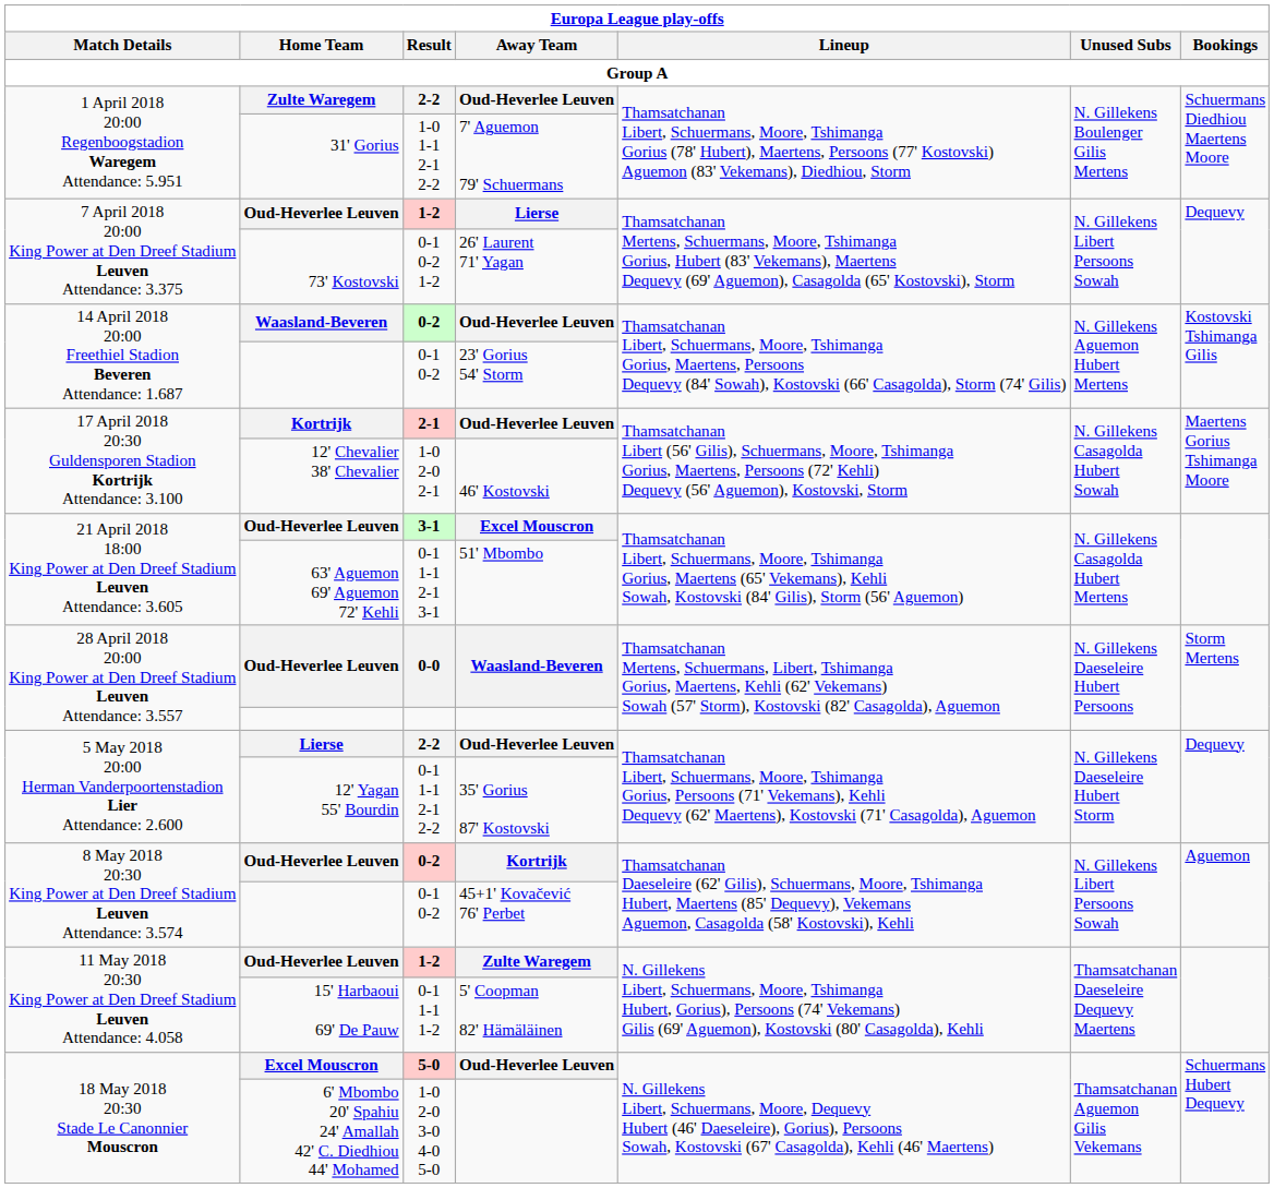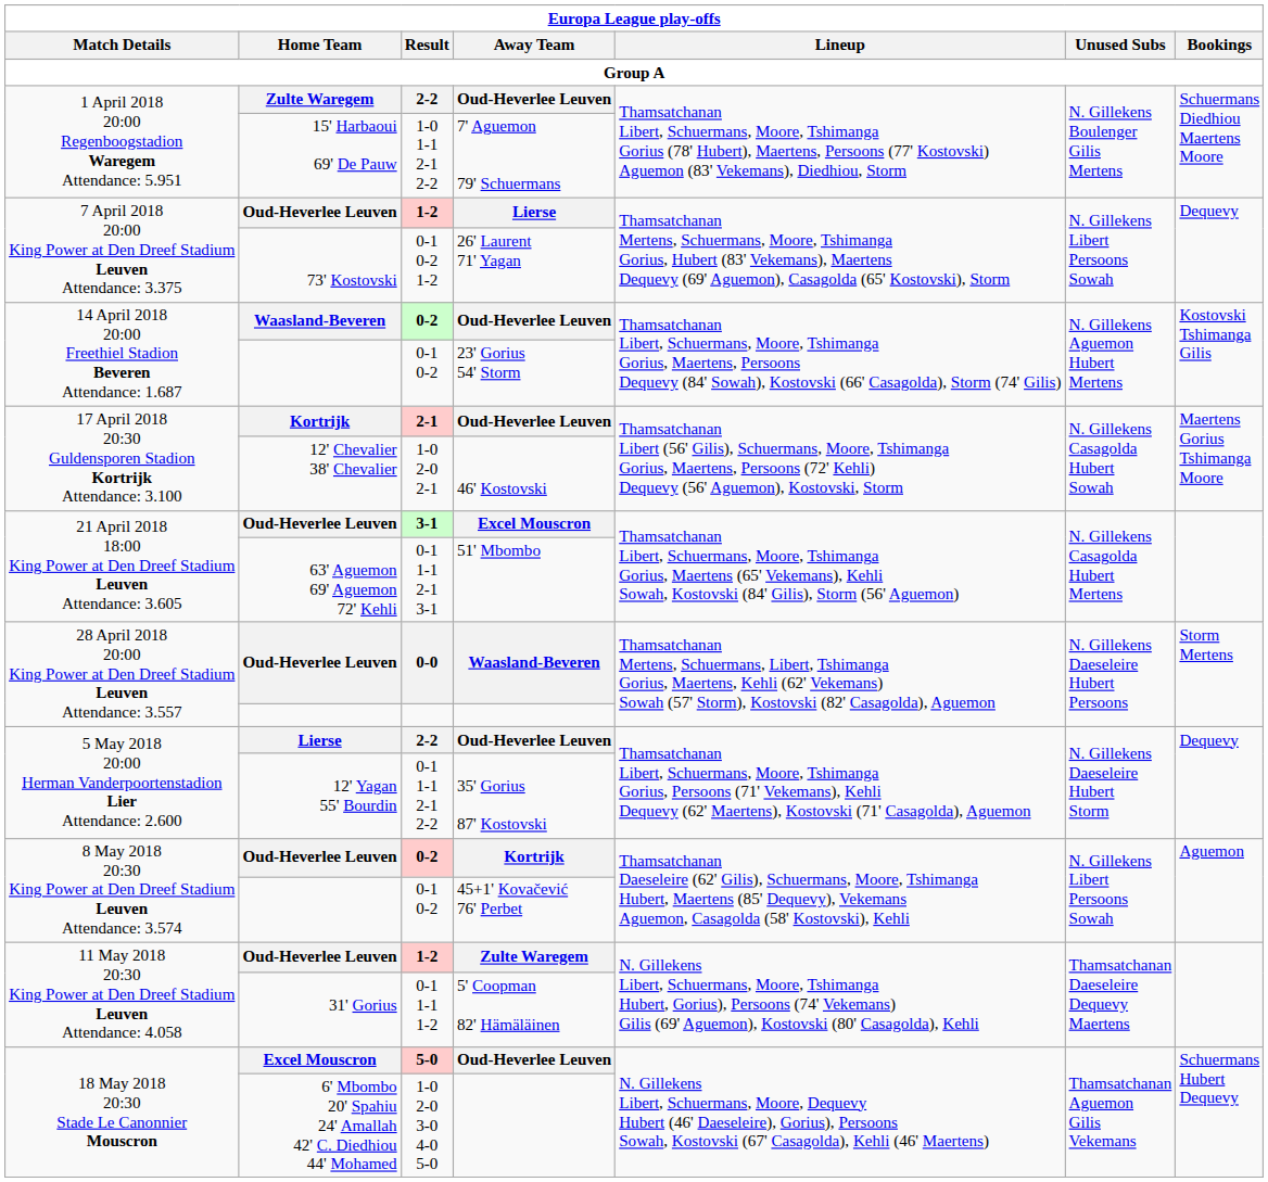 <table class="wikitable" style="font-size:85%">
 <tr>
 <td colspan="7" align="center" style="background:white;"><strong><a href='#'>Europa League play-offs</a></strong></td>
 </tr>
 <tr>
 <th>Match Details</th>
 <th>Home Team</th>
 <th>Result</th>
 <th>Away Team</th>
 <th>Lineup</th>
 <th>Unused Subs</th>
 <th>Bookings</th>
 </tr>
 <tr>
 <td style="background:white;" align="center" colspan="7"><strong>Group A</strong></td>
 </tr>
 <tr>
 <td rowspan="2" align="center">1 April 2018<br>20:00<br><a href='#'>Regenboogstadion</a><br><strong>Waregem</strong><br>Attendance: 5.951</td>
 <th><a href='#'>Zulte Waregem</a></th>
 <th>2-2</th>
 <th><strong>Oud-Heverlee Leuven</strong></th>
 <td rowspan="2"><a href='#'>Thamsatchanan</a><br><a href='#'>Libert</a>, <a href='#'>Schuermans</a>, <a href='#'>Moore</a>, <a href='#'>Tshimanga</a><br><a href='#'>Gorius</a> (78' <a href='#'>Hubert</a>), <a href='#'>Maertens</a>, <a href='#'>Persoons</a> (77' <a href='#'>Kostovski</a>)<br><a href='#'>Aguemon</a> (83' <a href='#'>Vekemans</a>), <a href='#'>Diedhiou</a>, <a href='#'>Storm</a></td>
 <td rowspan="2"><a href='#'>N. Gillekens</a><br><a href='#'>Boulenger</a><br><a href='#'>Gilis</a><br><a href='#'>Mertens</a></td>
 <td rowspan="2" valign="top"> <a href='#'>Schuermans</a><br> <a href='#'>Diedhiou</a><br> <a href='#'>Maertens</a><br> <a href='#'>Moore</a></td>
 </tr>
 <tr valign="top">
-<td align="right"><br>31' <a href='#'>Gorius</a></td>
+<td align="right">15' <a href='#'>Harbaoui</a><br><br>69' <a href='#'>De Pauw</a></td>
 <td align="center">1-0<br>1-1<br>2-1<br>2-2</td>
 <td>7' <a href='#'>Aguemon</a><br><br><br>79' <a href='#'>Schuermans</a></td>
 </tr>
 <tr>
 <td rowspan="2" align="center">7 April 2018<br>20:00<br><a href='#'>King Power at Den Dreef Stadium</a><br><strong>Leuven</strong><br>Attendance: 3.375</td>
 <th><strong>Oud-Heverlee Leuven</strong></th>
 <th style="background: #FFCCCC;">1-2</th>
 <th><a href='#'>Lierse</a></th>
 <td rowspan="2"><a href='#'>Thamsatchanan</a><br><a href='#'>Mertens</a>, <a href='#'>Schuermans</a>, <a href='#'>Moore</a>, <a href='#'>Tshimanga</a><br><a href='#'>Gorius</a>, <a href='#'>Hubert</a> (83' <a href='#'>Vekemans</a>), <a href='#'>Maertens</a><br><a href='#'>Dequevy</a> (69' <a href='#'>Aguemon</a>), <a href='#'>Casagolda</a> (65' <a href='#'>Kostovski</a>), <a href='#'>Storm</a></td>
 <td rowspan="2"><a href='#'>N. Gillekens</a><br><a href='#'>Libert</a><br><a href='#'>Persoons</a><br><a href='#'>Sowah</a></td>
 <td rowspan="2" valign="top"> <a href='#'>Dequevy</a></td>
 </tr>
 <tr valign="top">
 <td align="right"><br><br>73' <a href='#'>Kostovski</a></td>
 <td align="center">0-1<br>0-2<br>1-2</td>
 <td>26' <a href='#'>Laurent</a><br>71' <a href='#'>Yagan</a></td>
 </tr>
 <tr>
 <td rowspan="2" align="center">14 April 2018<br>20:00<br><a href='#'>Freethiel Stadion</a><br><strong>Beveren</strong><br>Attendance: 1.687</td>
 <th><a href='#'>Waasland-Beveren</a></th>
 <th style="background: #CCFFCC;">0-2</th>
 <th><strong>Oud-Heverlee Leuven</strong></th>
 <td rowspan="2"><a href='#'>Thamsatchanan</a><br><a href='#'>Libert</a>, <a href='#'>Schuermans</a>, <a href='#'>Moore</a>, <a href='#'>Tshimanga</a><br><a href='#'>Gorius</a>, <a href='#'>Maertens</a>, <a href='#'>Persoons</a><br><a href='#'>Dequevy</a> (84' <a href='#'>Sowah</a>), <a href='#'>Kostovski</a> (66' <a href='#'>Casagolda</a>), <a href='#'>Storm</a> (74' <a href='#'>Gilis</a>)</td>
 <td rowspan="2"><a href='#'>N. Gillekens</a><br><a href='#'>Aguemon</a><br><a href='#'>Hubert</a><br><a href='#'>Mertens</a></td>
 <td rowspan="2" valign="top"> <a href='#'>Kostovski</a><br> <a href='#'>Tshimanga</a><br> <a href='#'>Gilis</a></td>
 </tr>
 <tr valign="top">
 <td align="right"></td>
 <td align="center">0-1<br>0-2</td>
 <td>23' <a href='#'>Gorius</a><br>54' <a href='#'>Storm</a></td>
 </tr>
 <tr>
 <td rowspan="2" align="center">17 April 2018<br>20:30<br><a href='#'>Guldensporen Stadion</a><br><strong>Kortrijk</strong><br>Attendance: 3.100</td>
 <th><a href='#'>Kortrijk</a></th>
 <th style="background: #FFCCCC;">2-1</th>
 <th><strong>Oud-Heverlee Leuven</strong></th>
 <td rowspan="2"><a href='#'>Thamsatchanan</a><br><a href='#'>Libert</a> (56' <a href='#'>Gilis</a>), <a href='#'>Schuermans</a>, <a href='#'>Moore</a>, <a href='#'>Tshimanga</a><br><a href='#'>Gorius</a>, <a href='#'>Maertens</a>, <a href='#'>Persoons</a> (72' <a href='#'>Kehli</a>)<br><a href='#'>Dequevy</a> (56' <a href='#'>Aguemon</a>), <a href='#'>Kostovski</a>, <a href='#'>Storm</a></td>
 <td rowspan="2"><a href='#'>N. Gillekens</a><br><a href='#'>Casagolda</a><br><a href='#'>Hubert</a><br><a href='#'>Sowah</a></td>
 <td rowspan="2" valign="top"> <a href='#'>Maertens</a><br> <a href='#'>Gorius</a><br> <a href='#'>Tshimanga</a><br> <a href='#'>Moore</a></td>
 </tr>
 <tr valign="top">
 <td align="right">12'  <a href='#'>Chevalier</a><br>38'  <a href='#'>Chevalier</a></td>
 <td align="center">1-0<br>2-0<br>2-1</td>
 <td><br><br>46' <a href='#'>Kostovski</a></td>
 </tr>
 <tr>
 <td rowspan="2" align="center">21 April 2018<br>18:00<br><a href='#'>King Power at Den Dreef Stadium</a><br><strong>Leuven</strong><br>Attendance: 3.605</td>
 <th><strong>Oud-Heverlee Leuven</strong></th>
 <th style="background: #CCFFCC;">3-1</th>
 <th><a href='#'>Excel Mouscron</a></th>
 <td rowspan="2"><a href='#'>Thamsatchanan</a><br><a href='#'>Libert</a>, <a href='#'>Schuermans</a>, <a href='#'>Moore</a>, <a href='#'>Tshimanga</a><br><a href='#'>Gorius</a>, <a href='#'>Maertens</a> (65' <a href='#'>Vekemans</a>), <a href='#'>Kehli</a><br><a href='#'>Sowah</a>, <a href='#'>Kostovski</a> (84' <a href='#'>Gilis</a>), <a href='#'>Storm</a> (56' <a href='#'>Aguemon</a>)</td>
 <td rowspan="2"><a href='#'>N. Gillekens</a><br><a href='#'>Casagolda</a><br><a href='#'>Hubert</a><br><a href='#'>Mertens</a></td>
 <td rowspan="2" valign="top"></td>
 </tr>
 <tr valign="top">
 <td align="right"><br>63' <a href='#'>Aguemon</a><br>69'  <a href='#'>Aguemon</a><br>72' <a href='#'>Kehli</a></td>
 <td align="center">0-1<br>1-1<br>2-1<br>3-1</td>
 <td>51' <a href='#'>Mbombo</a></td>
 </tr>
 <tr>
 <td rowspan="2" align="center">28 April 2018<br>20:00<br><a href='#'>King Power at Den Dreef Stadium</a><br><strong>Leuven</strong><br>Attendance: 3.557</td>
 <th><strong>Oud-Heverlee Leuven</strong></th>
 <th>0-0</th>
 <th><a href='#'>Waasland-Beveren</a></th>
 <td rowspan="2"><a href='#'>Thamsatchanan</a><br><a href='#'>Mertens</a>, <a href='#'>Schuermans</a>, <a href='#'>Libert</a>, <a href='#'>Tshimanga</a><br><a href='#'>Gorius</a>, <a href='#'>Maertens</a>, <a href='#'>Kehli</a> (62' <a href='#'>Vekemans</a>)<br><a href='#'>Sowah</a> (57' <a href='#'>Storm</a>), <a href='#'>Kostovski</a> (82' <a href='#'>Casagolda</a>), <a href='#'>Aguemon</a></td>
 <td rowspan="2"><a href='#'>N. Gillekens</a><br><a href='#'>Daeseleire</a><br><a href='#'>Hubert</a><br><a href='#'>Persoons</a></td>
 <td rowspan="2" valign="top"> <a href='#'>Storm</a><br> <a href='#'>Mertens</a></td>
 </tr>
 <tr valign="top">
 <td align="right"></td>
 <td align="center"></td>
 <td></td>
 </tr>
 <tr>
 <td rowspan="2" align="center">5 May 2018<br>20:00<br><a href='#'>Herman Vanderpoortenstadion</a><br><strong>Lier</strong><br>Attendance: 2.600</td>
 <th><a href='#'>Lierse</a></th>
 <th>2-2</th>
 <th><strong>Oud-Heverlee Leuven</strong></th>
 <td rowspan="2"><a href='#'>Thamsatchanan</a><br><a href='#'>Libert</a>, <a href='#'>Schuermans</a>, <a href='#'>Moore</a>, <a href='#'>Tshimanga</a><br><a href='#'>Gorius</a>, <a href='#'>Persoons</a> (71' <a href='#'>Vekemans</a>), <a href='#'>Kehli</a><br><a href='#'>Dequevy</a> (62' <a href='#'>Maertens</a>), <a href='#'>Kostovski</a> (71' <a href='#'>Casagolda</a>), <a href='#'>Aguemon</a></td>
 <td rowspan="2"><a href='#'>N. Gillekens</a><br><a href='#'>Daeseleire</a><br><a href='#'>Hubert</a><br><a href='#'>Storm</a></td>
 <td rowspan="2" valign="top"> <a href='#'>Dequevy</a></td>
 </tr>
 <tr valign="top">
 <td align="right"><br>12' <a href='#'>Yagan</a><br>55' <a href='#'>Bourdin</a></td>
 <td align="center">0-1<br>1-1<br>2-1<br>2-2</td>
 <td><br>35' <a href='#'>Gorius</a><br><br>87' <a href='#'>Kostovski</a></td>
 </tr>
 <tr>
 <td rowspan="2" align="center">8 May 2018<br>20:30<br><a href='#'>King Power at Den Dreef Stadium</a><br><strong>Leuven</strong><br>Attendance: 3.574</td>
 <th><strong>Oud-Heverlee Leuven</strong></th>
 <th style="background: #FFCCCC;">0-2</th>
 <th><a href='#'>Kortrijk</a></th>
 <td rowspan="2"><a href='#'>Thamsatchanan</a><br><a href='#'>Daeseleire</a> (62' <a href='#'>Gilis</a>), <a href='#'>Schuermans</a>, <a href='#'>Moore</a>, <a href='#'>Tshimanga</a><br><a href='#'>Hubert</a>, <a href='#'>Maertens</a> (85' <a href='#'>Dequevy</a>), <a href='#'>Vekemans</a><br><a href='#'>Aguemon</a>, <a href='#'>Casagolda</a> (58' <a href='#'>Kostovski</a>), <a href='#'>Kehli</a></td>
 <td rowspan="2"><a href='#'>N. Gillekens</a><br><a href='#'>Libert</a><br><a href='#'>Persoons</a><br><a href='#'>Sowah</a></td>
 <td rowspan="2" valign="top"> <a href='#'>Aguemon</a></td>
 </tr>
 <tr valign="top">
 <td align="right"></td>
 <td align="center">0-1<br>0-2</td>
 <td>45+1' <a href='#'>Kovačević</a><br>76' <a href='#'>Perbet</a></td>
 </tr>
 <tr>
 <td rowspan="2" align="center">11 May 2018<br>20:30<br><a href='#'>King Power at Den Dreef Stadium</a><br><strong>Leuven</strong><br>Attendance: 4.058</td>
 <th><strong>Oud-Heverlee Leuven</strong></th>
 <th style="background: #FFCCCC;">1-2</th>
 <th><a href='#'>Zulte Waregem</a></th>
 <td rowspan="2"><a href='#'>N. Gillekens</a><br><a href='#'>Libert</a>, <a href='#'>Schuermans</a>, <a href='#'>Moore</a>, <a href='#'>Tshimanga</a><br><a href='#'>Hubert</a>, <a href='#'>Gorius</a>), <a href='#'>Persoons</a> (74' <a href='#'>Vekemans</a>)<br><a href='#'>Gilis</a> (69' <a href='#'>Aguemon</a>), <a href='#'>Kostovski</a> (80' <a href='#'>Casagolda</a>), <a href='#'>Kehli</a></td>
 <td rowspan="2"><a href='#'>Thamsatchanan</a><br><a href='#'>Daeseleire</a><br><a href='#'>Dequevy</a><br><a href='#'>Maertens</a></td>
 <td rowspan="2" valign="top"></td>
 </tr>
 <tr valign="top">
-<td align="right">15' <a href='#'>Harbaoui</a><br><br>69' <a href='#'>De Pauw</a></td>
+<td align="right"><br>31' <a href='#'>Gorius</a></td>
 <td align="center">0-1<br>1-1<br>1-2</td>
 <td>5' <a href='#'>Coopman</a><br><br>82' <a href='#'>Hämäläinen</a></td>
 </tr>
 <tr>
 <td rowspan="2" align="center">18 May 2018<br>20:30<br><a href='#'>Stade Le Canonnier</a><br><strong>Mouscron</strong></td>
 <th><a href='#'>Excel Mouscron</a></th>
 <th style="background: #FFCCCC;">5-0</th>
 <th><strong>Oud-Heverlee Leuven</strong></th>
 <td rowspan="2"><a href='#'>N. Gillekens</a><br><a href='#'>Libert</a>, <a href='#'>Schuermans</a>, <a href='#'>Moore</a>, <a href='#'>Dequevy</a><br><a href='#'>Hubert</a> (46' <a href='#'>Daeseleire</a>), <a href='#'>Gorius</a>), <a href='#'>Persoons</a><br><a href='#'>Sowah</a>, <a href='#'>Kostovski</a> (67' <a href='#'>Casagolda</a>), <a href='#'>Kehli</a> (46' <a href='#'>Maertens</a>)</td>
 <td rowspan="2"><a href='#'>Thamsatchanan</a><br><a href='#'>Aguemon</a><br><a href='#'>Gilis</a><br><a href='#'>Vekemans</a></td>
 <td rowspan="2" valign="top"> <a href='#'>Schuermans</a><br> <a href='#'>Hubert</a><br> <a href='#'>Dequevy</a></td>
 </tr>
 <tr valign="top">
 <td align="right">6' <a href='#'>Mbombo</a><br>20' <a href='#'>Spahiu</a><br>24' <a href='#'>Amallah</a><br>42' <a href='#'>C. Diedhiou</a><br>44' <a href='#'>Mohamed</a></td>
 <td align="center">1-0<br>2-0<br>3-0<br>4-0<br>5-0</td>
 <td></td>
 </tr>
 <tr>
 </tr>
 </table>
